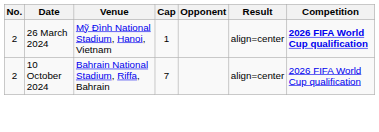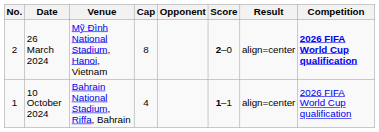 <table class="wikitable sortable">
 <tr>
 <th scope="col">No.</th>
 <th scope="col">Date</th>
 <th scope="col">Venue</th>
 <th scope="col">Cap</th>
 <th scope="col">Opponent</th>
+<th scope="col">Score</th>
 <th scope="col">Result</th>
 <th scope="col">Competition</th>
 </tr>
 <tr>
 <td style="text-align:center">2</td>
 <td>26 March 2024</td>
 <td><a href='#'>Mỹ Đình National Stadium</a>, <a href='#'>Hanoi</a>, Vietnam</td>
-<td align=center>1</td>
+<td align=center>8</td>
 <td></td>
+<td align=center><strong>2</strong>–0</td>
 <td>align=center </td>
 <td><strong><a href='#'>2026 FIFA World Cup qualification</a></strong></td>
 </tr>
 <tr>
-<td style="text-align:center">2</td>
+<td style="text-align:center">1</td>
 <td>10 October 2024</td>
 <td><a href='#'>Bahrain National Stadium</a>, <a href='#'>Riffa</a>, Bahrain</td>
-<td align=center>7</td>
+<td align=center>4</td>
 <td></td>
+<td align=center><strong>1</strong>–1</td>
 <td>align=center </td>
 <td><a href='#'>2026 FIFA World Cup qualification</a></td>
 </tr>
 </table>
